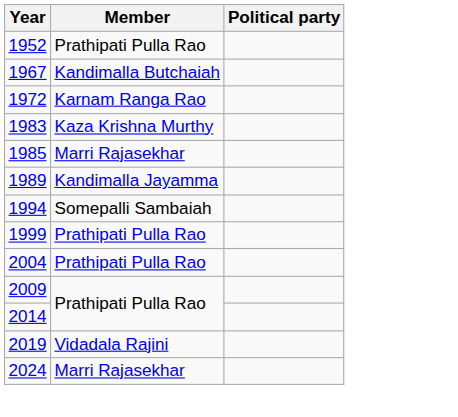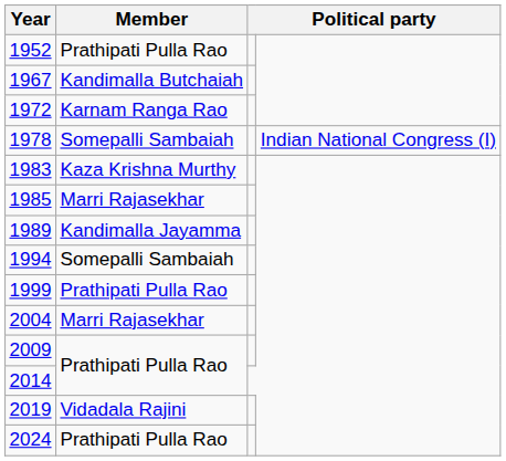 <table class="wikitable sortable">
 <tr>
 <th>Year</th>
 <th>Member</th>
 <th colspan="2">Political party</th>
 </tr>
 <tr>
 <td><a href='#'>1952</a></td>
 <td>Prathipati Pulla Rao</td>
 <td></td>
 </tr>
 <tr>
 <td><a href='#'>1967</a></td>
 <td><a href='#'>Kandimalla Butchaiah</a></td>
 <td></td>
 </tr>
 <tr>
 <td><a href='#'>1972</a></td>
 <td><a href='#'>Karnam Ranga Rao</a></td>
 <td></td>
+</tr>
+<tr>
+<td><a href='#'>1978</a></td>
+<td><a href='#'>Somepalli Sambaiah</a></td>
+<td style="background-color: "></td>
+<td><a href='#'>Indian National Congress (I)</a></td>
 </tr>
 <tr>
 <td><a href='#'>1983</a></td>
 <td><a href='#'>Kaza Krishna Murthy</a></td>
 <td></td>
 </tr>
 <tr>
 <td><a href='#'>1985</a></td>
 <td><a href='#'>Marri Rajasekhar</a></td>
 <td></td>
 </tr>
 <tr>
 <td><a href='#'>1989</a></td>
 <td><a href='#'>Kandimalla Jayamma</a></td>
 <td></td>
 </tr>
 <tr>
 <td><a href='#'>1994</a></td>
 <td>Somepalli Sambaiah</td>
 <td></td>
 </tr>
 <tr>
 <td><a href='#'>1999</a></td>
 <td><a href='#'>Prathipati Pulla Rao</a></td>
 <td></td>
 </tr>
 <tr>
 <td><a href='#'>2004</a></td>
-<td><a href='#'>Prathipati Pulla Rao</a></td>
+<td><a href='#'>Marri Rajasekhar</a></td>
 <td></td>
 </tr>
 <tr>
 <td><a href='#'>2009</a></td>
 <td rowspan = 2>Prathipati Pulla Rao</td>
 <td></td>
 </tr>
 <tr>
 <td><a href='#'>2014</a></td>
 </tr>
 <tr>
 <td><a href='#'>2019</a></td>
 <td><a href='#'>Vidadala Rajini</a></td>
 <td></td>
 </tr>
 <tr>
 <td><a href='#'>2024</a></td>
-<td><a href='#'>Marri Rajasekhar</a></td>
+<td>Prathipati Pulla Rao</td>
 <td></td>
 </tr>
 </table>
